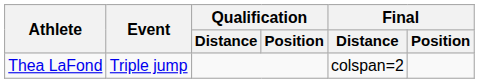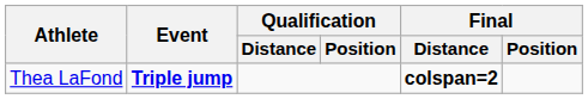 <table class=wikitable style=font-size:90%>
 <tr>
 <th rowspan=2>Athlete</th>
 <th rowspan=2>Event</th>
 <th colspan=2>Qualification</th>
 <th colspan=2>Final</th>
 </tr>
 <tr style=font-size:95%>
 <th>Distance</th>
 <th>Position</th>
 <th>Distance</th>
 <th>Position</th>
 </tr>
 <tr align=center>
 <td align=left><a href='#'>Thea LaFond</a></td>
-<td align=left><a href='#'>Triple jump</a></td>
+<td align=left><strong><a href='#'>Triple jump</a></strong></td>
 <td colspan=2></td>
-<td>colspan=2 </td>
+<td><strong>colspan=2 </strong></td>
 </tr>
 </table>
